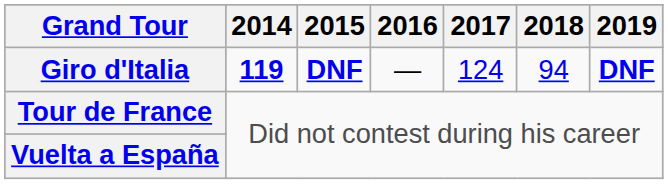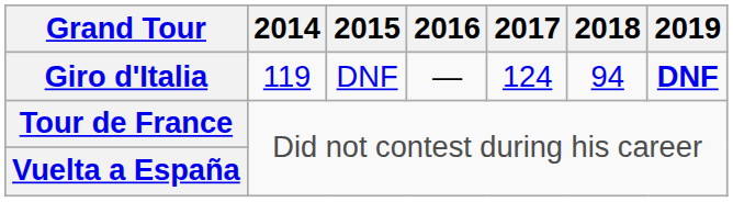 <table class="wikitable plainrowheaders">
 <tr>
 <th scope="col"><a href='#'>Grand Tour</a></th>
 <th scope="col">2014</th>
 <th scope="col">2015</th>
 <th scope="col">2016</th>
 <th scope="col">2017</th>
 <th scope="col">2018</th>
 <th scope="col">2019</th>
 </tr>
 <tr style="text-align:center;">
 <th scope="row"> <a href='#'>Giro d'Italia</a></th>
-<td><strong><a href='#'>119</a></strong></td>
-<td><strong><a href='#'>DNF</a></strong></td>
+<td><a href='#'>119</a></td>
+<td><a href='#'>DNF</a></td>
 <td>—</td>
 <td><a href='#'>124</a></td>
 <td><a href='#'>94</a></td>
 <td><strong><a href='#'>DNF</a></strong></td>
 </tr>
 <tr style="text-align:center;">
 <th scope="row"> <a href='#'>Tour de France</a></th>
 <td style="color:#4d4d4d;" colspan=6 rowspan=2>Did not contest during his career</td>
 </tr>
 <tr style="text-align:center;">
 <th scope="row"> <a href='#'>Vuelta a España</a></th>
 </tr>
 </table>
